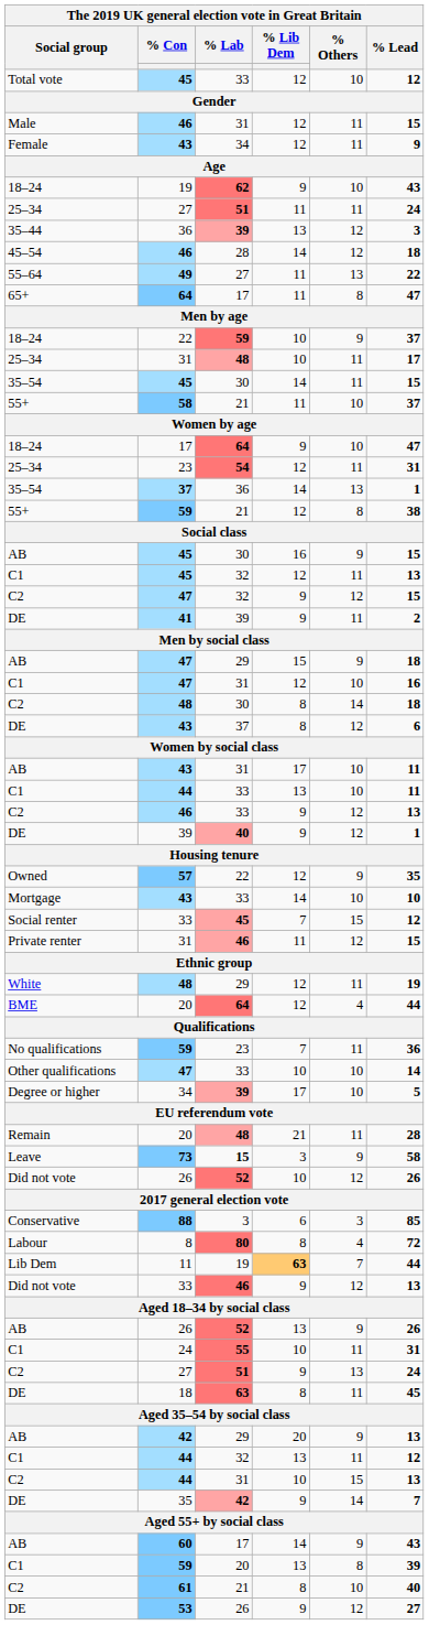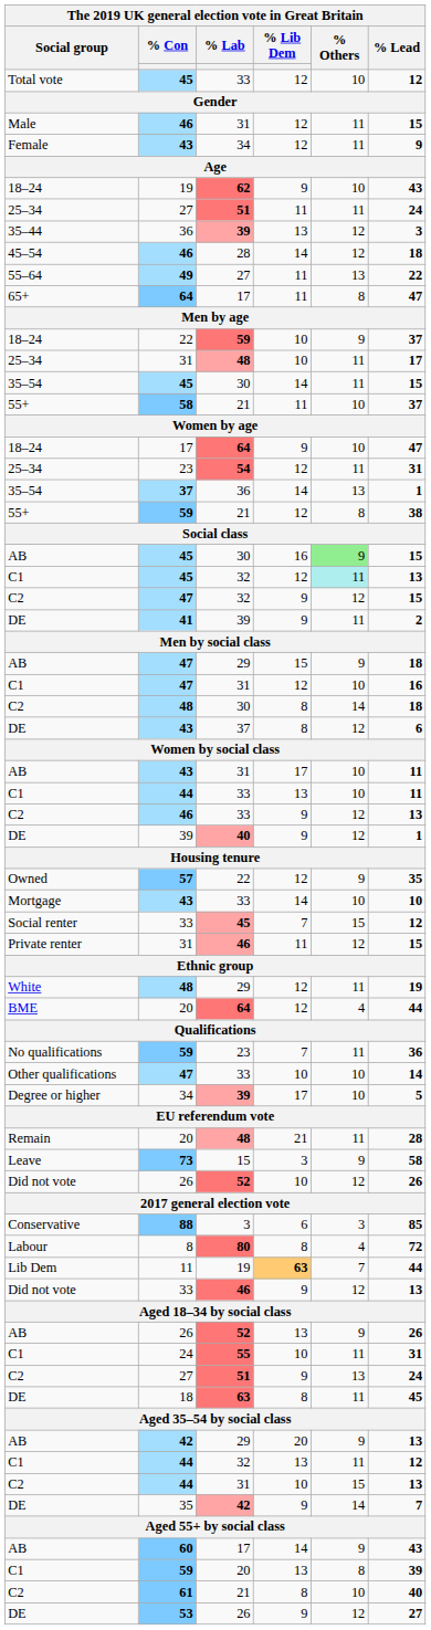 <table class=wikitable>
 <tr>
 <th colspan="10">The 2019 UK general election vote in Great Britain</th>
 </tr>
 <tr>
 <th style="width:150px;" rowspan="2">Social group</th>
 <th style="width:60px;" class="unsortable">% <a href='#'>Con</a></th>
 <th style="width:60px;" class="unsortable">% <a href='#'>Lab</a></th>
 <th style="width:60px;" class="unsortable">% <a href='#'>Lib Dem</a></th>
 <th style="width:60px;" rowspan="2" class="unsortable">% Others</th>
 <th style="width:60px;" rowspan="2" class="unsortable">% Lead</th>
 </tr>
 <tr>
 <th class="unsortable" style="color:inherit;background:"></th>
 <th class="unsortable" style="color:inherit;background:"></th>
 <th class="unsortable" style="color:inherit;background:"></th>
 </tr>
 <tr>
 <td>Total vote</td>
 <td style="text-align:right; background:#A2DDFF;"><strong>45</strong></td>
 <td style="text-align:right;">33</td>
 <td style="text-align:right;">12</td>
 <td style="text-align:right;">10</td>
 <td style="text-align:right; background:"><strong>12</strong></td>
 </tr>
 <tr>
 <th colspan=9>Gender</th>
 </tr>
 <tr>
 <td>Male</td>
 <td style="text-align:right; background:#A3DEFF;"><strong>46</strong></td>
 <td style="text-align:right;">31</td>
 <td style="text-align:right;">12</td>
 <td style="text-align:right;">11</td>
 <td style="text-align:right; background:"><strong>15</strong></td>
 </tr>
 <tr>
 <td>Female</td>
 <td style="text-align:right; background:#A3DEFF;"><strong>43</strong></td>
 <td style="text-align:right;">34</td>
 <td style="text-align:right;">12</td>
 <td style="text-align:right;">11</td>
 <td style="text-align:right; background:"><strong>9</strong></td>
 </tr>
 <tr>
 <th colspan=9>Age</th>
 </tr>
 <tr>
 <td>18–24</td>
 <td style="text-align:right;">19</td>
 <td style="text-align:right; background:#FF7676;"><strong>62</strong></td>
 <td style="text-align:right;">9</td>
 <td style="text-align:right;">10</td>
 <td style="text-align:right; background:"><strong>43</strong></td>
 </tr>
 <tr>
 <td>25–34</td>
 <td style="text-align:right;">27</td>
 <td style="text-align:right; background:#FF7676;"><strong>51</strong></td>
 <td style="text-align:right;">11</td>
 <td style="text-align:right;">11</td>
 <td style="text-align:right; background:"><strong>24</strong></td>
 </tr>
 <tr>
 <td>35–44</td>
 <td style="text-align:right;">36</td>
 <td style="text-align:right; background:#FFA5A5;"><strong>39</strong></td>
 <td style="text-align:right;">13</td>
 <td style="text-align:right;">12</td>
 <td style="text-align:right; background:"><strong>3</strong></td>
 </tr>
 <tr>
 <td>45–54</td>
 <td style="text-align:right; background:#A3DEFF;"><strong>46</strong></td>
 <td style="text-align:right;">28</td>
 <td style="text-align:right;">14</td>
 <td style="text-align:right;">12</td>
 <td style="text-align:right; background:"><strong>18</strong></td>
 </tr>
 <tr>
 <td>55–64</td>
 <td style="text-align:right; background:#A3DEFF;"><strong>49</strong></td>
 <td style="text-align:right;">27</td>
 <td style="text-align:right;">11</td>
 <td style="text-align:right;">13</td>
 <td style="text-align:right; background:"><strong>22</strong></td>
 </tr>
 <tr>
 <td>65+</td>
 <td style="text-align:right; background:#7CCAFF;"><strong>64</strong></td>
 <td style="text-align:right;">17</td>
 <td style="text-align:right;">11</td>
 <td style="text-align:right;">8</td>
 <td style="text-align:right; background:"><strong>47</strong></td>
 </tr>
 <tr>
 <th colspan=9>Men by age</th>
 </tr>
 <tr>
 <td>18–24</td>
 <td style="text-align:right;">22</td>
 <td style="text-align:right; background:#FF7676;"><strong>59</strong></td>
 <td style="text-align:right;">10</td>
 <td style="text-align:right;">9</td>
 <td style="text-align:right; background:"><strong>37</strong></td>
 </tr>
 <tr>
 <td>25–34</td>
 <td style="text-align:right;">31</td>
 <td style="text-align:right; background:#FFA5A5;"><strong>48</strong></td>
 <td style="text-align:right;">10</td>
 <td style="text-align:right;">11</td>
 <td style="text-align:right; background:"><strong>17</strong></td>
 </tr>
 <tr>
 <td>35–54</td>
 <td style="text-align:right; background:#A3DEFF;"><strong>45</strong></td>
 <td style="text-align:right;">30</td>
 <td style="text-align:right;">14</td>
 <td style="text-align:right;">11</td>
 <td style="text-align:right; background:"><strong>15</strong></td>
 </tr>
 <tr>
 <td>55+</td>
 <td style="text-align:right; background:#7CCAFF;"><strong>58</strong></td>
 <td style="text-align:right;">21</td>
 <td style="text-align:right;">11</td>
 <td style="text-align:right;">10</td>
 <td style="text-align:right; background:"><strong>37</strong></td>
 </tr>
 <tr>
 <th colspan=9>Women by age</th>
 </tr>
 <tr>
 <td>18–24</td>
 <td style="text-align:right;">17</td>
 <td style="text-align:right; background:#FF7676;"><strong>64</strong></td>
 <td style="text-align:right;">9</td>
 <td style="text-align:right;">10</td>
 <td style="text-align:right; background:"><strong>47</strong></td>
 </tr>
 <tr>
 <td>25–34</td>
 <td style="text-align:right;">23</td>
 <td style="text-align:right; background:#FF7676;"><strong>54</strong></td>
 <td style="text-align:right;">12</td>
 <td style="text-align:right;">11</td>
 <td style="text-align:right; background:"><strong>31</strong></td>
 </tr>
 <tr>
 <td>35–54</td>
 <td style="text-align:right; background:#A3DEFF;"><strong>37</strong></td>
 <td style="text-align:right;">36</td>
 <td style="text-align:right;">14</td>
 <td style="text-align:right;">13</td>
 <td style="text-align:right; background:"><strong>1</strong></td>
 </tr>
 <tr>
 <td>55+</td>
 <td style="text-align:right; background:#7CCAFF;"><strong>59</strong></td>
 <td style="text-align:right;">21</td>
 <td style="text-align:right;">12</td>
 <td style="text-align:right;">8</td>
 <td style="text-align:right; background:"><strong>38</strong></td>
 </tr>
 <tr>
 <th colspan=9>Social class</th>
 </tr>
 <tr>
 <td>AB</td>
 <td style="text-align:right; background:#A3DEFF;"><strong>45</strong></td>
 <td style="text-align:right;">30</td>
 <td style="text-align:right;">16</td>
-<td style="text-align:right;">9</td>
+<td style="background: lightgreen; text-align:right;">9</td>
 <td style="text-align:right; background:"><strong>15</strong></td>
 </tr>
 <tr>
 <td>C1</td>
 <td style="text-align:right; background:#A3DEFF;"><strong>45</strong></td>
 <td style="text-align:right;">32</td>
 <td style="text-align:right;">12</td>
-<td style="text-align:right;">11</td>
+<td style="background: paleturquoise; text-align:right;">11</td>
 <td style="text-align:right; background:"><strong>13</strong></td>
 </tr>
 <tr>
 <td>C2</td>
 <td style="text-align:right; background:#A3DEFF;"><strong>47</strong></td>
 <td style="text-align:right;">32</td>
 <td style="text-align:right;">9</td>
 <td style="text-align:right;">12</td>
 <td style="text-align:right; background:"><strong>15</strong></td>
 </tr>
 <tr>
 <td>DE</td>
 <td style="text-align:right; background:#A3DEFF;"><strong>41</strong></td>
 <td style="text-align:right;">39</td>
 <td style="text-align:right;">9</td>
 <td style="text-align:right;">11</td>
 <td style="text-align:right; background:"><strong>2</strong></td>
 </tr>
 <tr>
 <th colspan=9>Men by social class</th>
 </tr>
 <tr>
 <td>AB</td>
 <td style="text-align:right; background:#A3DEFF;"><strong>47</strong></td>
 <td style="text-align:right;">29</td>
 <td style="text-align:right;">15</td>
 <td style="text-align:right;">9</td>
 <td style="text-align:right; background:"><strong>18</strong></td>
 </tr>
 <tr>
 <td>C1</td>
 <td style="text-align:right; background:#A3DEFF;"><strong>47</strong></td>
 <td style="text-align:right;">31</td>
 <td style="text-align:right;">12</td>
 <td style="text-align:right;">10</td>
 <td style="text-align:right; background:"><strong>16</strong></td>
 </tr>
 <tr>
 <td>C2</td>
 <td style="text-align:right; background:#A3DEFF;"><strong>48</strong></td>
 <td style="text-align:right;">30</td>
 <td style="text-align:right;">8</td>
 <td style="text-align:right;">14</td>
 <td style="text-align:right; background:"><strong>18</strong></td>
 </tr>
 <tr>
 <td>DE</td>
 <td style="text-align:right; background:#A3DEFF;"><strong>43</strong></td>
 <td style="text-align:right;">37</td>
 <td style="text-align:right;">8</td>
 <td style="text-align:right;">12</td>
 <td style="text-align:right; background:"><strong>6</strong></td>
 </tr>
 <tr>
 <th colspan=9>Women by social class</th>
 </tr>
 <tr>
 <td>AB</td>
 <td style="text-align:right; background:#A3DEFF;"><strong>43</strong></td>
 <td style="text-align:right;">31</td>
 <td style="text-align:right;">17</td>
 <td style="text-align:right;">10</td>
 <td style="text-align:right; background:"><strong>11</strong></td>
 </tr>
 <tr>
 <td>C1</td>
 <td style="text-align:right; background:#A3DEFF;"><strong>44</strong></td>
 <td style="text-align:right;">33</td>
 <td style="text-align:right;">13</td>
 <td style="text-align:right;">10</td>
 <td style="text-align:right; background:"><strong>11</strong></td>
 </tr>
 <tr>
 <td>C2</td>
 <td style="text-align:right; background:#A3DEFF;"><strong>46</strong></td>
 <td style="text-align:right;">33</td>
 <td style="text-align:right;">9</td>
 <td style="text-align:right;">12</td>
 <td style="text-align:right; background:"><strong>13</strong></td>
 </tr>
 <tr>
 <td>DE</td>
 <td style="text-align:right;">39</td>
 <td style="text-align:right; background:#FFA5A5;"><strong>40</strong></td>
 <td style="text-align:right;">9</td>
 <td style="text-align:right;">12</td>
 <td style="text-align:right; background:"><strong>1</strong></td>
 </tr>
 <tr>
 <th colspan=9>Housing tenure</th>
 </tr>
 <tr>
 <td>Owned</td>
 <td style="text-align:right; background:#7CCAFF;"><strong>57</strong></td>
 <td style="text-align:right;">22</td>
 <td style="text-align:right;">12</td>
 <td style="text-align:right;">9</td>
 <td style="text-align:right; background:"><strong>35</strong></td>
 </tr>
 <tr>
 <td>Mortgage</td>
 <td style="text-align:right; background:#A3DEFF;"><strong>43</strong></td>
 <td style="text-align:right;">33</td>
 <td style="text-align:right;">14</td>
 <td style="text-align:right;">10</td>
 <td style="text-align:right; background:"><strong>10</strong></td>
 </tr>
 <tr>
 <td>Social renter</td>
 <td style="text-align:right;">33</td>
 <td style="text-align:right; background:#FFA5A5;"><strong>45</strong></td>
 <td style="text-align:right;">7</td>
 <td style="text-align:right;">15</td>
 <td style="text-align:right; background:"><strong>12</strong></td>
 </tr>
 <tr>
 <td>Private renter</td>
 <td style="text-align:right;">31</td>
 <td style="text-align:right; background:#FFA5A5;"><strong>46</strong></td>
 <td style="text-align:right;">11</td>
 <td style="text-align:right;">12</td>
 <td style="text-align:right; background:"><strong>15</strong></td>
 </tr>
 <tr>
 <th colspan=9>Ethnic group</th>
 </tr>
 <tr>
 <td><a href='#'>White</a></td>
 <td style="text-align:right; background:#A3DEFF;"><strong>48</strong></td>
 <td style="text-align:right;">29</td>
 <td style="text-align:right;">12</td>
 <td style="text-align:right;">11</td>
 <td style="text-align:right; background:"><strong>19</strong></td>
 </tr>
 <tr>
 <td><a href='#'>BME</a></td>
 <td style="text-align:right;">20</td>
 <td style="text-align:right; background:#FF7676;"><strong>64</strong></td>
 <td style="text-align:right;">12</td>
 <td style="text-align:right;">4</td>
 <td style="text-align:right; background:"><strong>44</strong></td>
 </tr>
 <tr>
 <th colspan=9>Qualifications</th>
 </tr>
 <tr>
 <td>No qualifications</td>
 <td style="text-align:right; background:#7CCAFF;"><strong>59</strong></td>
 <td style="text-align:right;">23</td>
 <td style="text-align:right;">7</td>
 <td style="text-align:right;">11</td>
 <td style="text-align:right; background:"><strong>36</strong></td>
 </tr>
 <tr>
 <td>Other qualifications</td>
 <td style="text-align:right; background:#A3DEFF;"><strong>47</strong></td>
 <td style="text-align:right;">33</td>
 <td style="text-align:right;">10</td>
 <td style="text-align:right;">10</td>
 <td style="text-align:right; background:"><strong>14</strong></td>
 </tr>
 <tr>
 <td>Degree or higher</td>
 <td style="text-align:right;">34</td>
 <td style="text-align:right; background:#FFA5A5;"><strong>39</strong></td>
 <td style="text-align:right;">17</td>
 <td style="text-align:right;">10</td>
 <td style="text-align:right; background:"><strong>5</strong></td>
 </tr>
 <tr>
 <th colspan=9>EU referendum vote</th>
 </tr>
 <tr>
 <td>Remain</td>
 <td style="text-align:right;">20</td>
 <td style="text-align:right; background:#FFA5A5;"><strong>48</strong></td>
 <td style="text-align:right;">21</td>
 <td style="text-align:right;">11</td>
 <td style="text-align:right; background:"><strong>28</strong></td>
 </tr>
 <tr>
 <td>Leave</td>
 <td style="text-align:right; background:#7CCAFF;"><strong>73</strong></td>
-<td style="text-align:right;"><strong>15</strong></td>
+<td style="text-align:right;">15</td>
 <td style="text-align:right;">3</td>
 <td style="text-align:right;">9</td>
 <td style="text-align:right; background:"><strong>58</strong></td>
 </tr>
 <tr>
 <td>Did not vote</td>
 <td style="text-align:right;">26</td>
 <td style="text-align:right; background:#FF7676;"><strong>52</strong></td>
 <td style="text-align:right;">10</td>
 <td style="text-align:right;">12</td>
 <td style="text-align:right; background:"><strong>26</strong></td>
 </tr>
 <tr>
 <th colspan=9>2017 general election vote</th>
 </tr>
 <tr>
 <td>Conservative</td>
 <td style="text-align:right; background:#7CCAFF;"><strong>88</strong></td>
 <td style="text-align:right;">3</td>
 <td style="text-align:right;">6</td>
 <td style="text-align:right;">3</td>
 <td style="text-align:right; background:"><strong>85</strong></td>
 </tr>
 <tr>
 <td>Labour</td>
 <td style="text-align:right;">8</td>
 <td style="text-align:right; background:#FF7676;"><strong>80</strong></td>
 <td style="text-align:right;">8</td>
 <td style="text-align:right;">4</td>
 <td style="text-align:right; background:"><strong>72</strong></td>
 </tr>
 <tr>
 <td>Lib Dem</td>
 <td style="text-align:right;">11</td>
 <td style="text-align:right;">19</td>
 <td style="text-align:right; background:#FFCA72;"><strong>63</strong></td>
 <td style="text-align:right;">7</td>
 <td style="text-align:right; background:"><strong>44</strong></td>
 </tr>
 <tr>
 <td>Did not vote</td>
 <td style="text-align:right;">33</td>
 <td style="text-align:right; background:#FF7676"><strong>46</strong></td>
 <td style="text-align:right;">9</td>
 <td style="text-align:right;">12</td>
 <td style="text-align:right; background:"><strong>13</strong></td>
 </tr>
 <tr>
 <th colspan=9>Aged 18–34 by social class</th>
 </tr>
 <tr>
 <td>AB</td>
 <td style="text-align:right;">26</td>
 <td style="text-align:right; background:#FF7676;"><strong>52</strong></td>
 <td style="text-align:right;">13</td>
 <td style="text-align:right;">9</td>
 <td style="text-align:right; background:"><strong>26</strong></td>
 </tr>
 <tr>
 <td>C1</td>
 <td style="text-align:right;">24</td>
 <td style="text-align:right; background:#FF7676;"><strong>55</strong></td>
 <td style="text-align:right;">10</td>
 <td style="text-align:right;">11</td>
 <td style="text-align:right; background:"><strong>31</strong></td>
 </tr>
 <tr>
 <td>C2</td>
 <td style="text-align:right;">27</td>
 <td style="text-align:right; background:#FF7676;"><strong>51</strong></td>
 <td style="text-align:right;">9</td>
 <td style="text-align:right;">13</td>
 <td style="text-align:right; background:"><strong>24</strong></td>
 </tr>
 <tr>
 <td>DE</td>
 <td style="text-align:right;">18</td>
 <td style="text-align:right; background:#FF7676;"><strong>63</strong></td>
 <td style="text-align:right;">8</td>
 <td style="text-align:right;">11</td>
 <td style="text-align:right; background:"><strong>45</strong></td>
 </tr>
 <tr>
 <th colspan=9>Aged 35–54 by social class</th>
 </tr>
 <tr>
 <td>AB</td>
 <td style="text-align:right; background:#A3DEFF;"><strong>42</strong></td>
 <td style="text-align:right;">29</td>
 <td style="text-align:right;">20</td>
 <td style="text-align:right;">9</td>
 <td style="text-align:right; background:"><strong>13</strong></td>
 </tr>
 <tr>
 <td>C1</td>
 <td style="text-align:right; background:#A3DEFF;"><strong>44</strong></td>
 <td style="text-align:right;">32</td>
 <td style="text-align:right;">13</td>
 <td style="text-align:right;">11</td>
 <td style="text-align:right; background:"><strong>12</strong></td>
 </tr>
 <tr>
 <td>C2</td>
 <td style="text-align:right; background:#A3DEFF;"><strong>44</strong></td>
 <td style="text-align:right;">31</td>
 <td style="text-align:right;">10</td>
 <td style="text-align:right;">15</td>
 <td style="text-align:right; background:"><strong>13</strong></td>
 </tr>
 <tr>
 <td>DE</td>
 <td style="text-align:right;">35</td>
 <td style="text-align:right; background:#FFA5A5;"><strong>42</strong></td>
 <td style="text-align:right;">9</td>
 <td style="text-align:right;">14</td>
 <td style="text-align:right; background:"><strong>7</strong></td>
 </tr>
 <tr>
 <th colspan=9>Aged 55+ by social class</th>
 </tr>
 <tr>
 <td>AB</td>
 <td style="text-align:right; background:#7CCAFF;"><strong>60</strong></td>
 <td style="text-align:right;">17</td>
 <td style="text-align:right;">14</td>
 <td style="text-align:right;">9</td>
 <td style="text-align:right; background:"><strong>43</strong></td>
 </tr>
 <tr>
 <td>C1</td>
 <td style="text-align:right; background:#7CCAFF;"><strong>59</strong></td>
 <td style="text-align:right;">20</td>
 <td style="text-align:right;">13</td>
 <td style="text-align:right;">8</td>
 <td style="text-align:right; background:"><strong>39</strong></td>
 </tr>
 <tr>
 <td>C2</td>
 <td style="text-align:right; background:#7CCAFF;"><strong>61</strong></td>
 <td style="text-align:right;">21</td>
 <td style="text-align:right;">8</td>
 <td style="text-align:right;">10</td>
 <td style="text-align:right; background:"><strong>40</strong></td>
 </tr>
 <tr>
 <td>DE</td>
 <td style="text-align:right; background:#7CCAFF;"><strong>53</strong></td>
 <td style="text-align:right;">26</td>
 <td style="text-align:right;">9</td>
 <td style="text-align:right;">12</td>
 <td style="text-align:right; background:"><strong>27</strong></td>
 </tr>
 </table>
